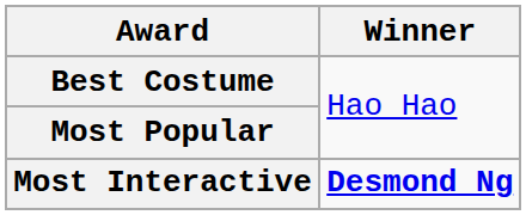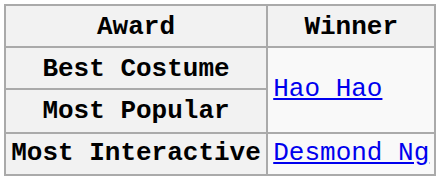 <table class="wikitable">
 <tr>
 <th>Award</th>
 <th>Winner</th>
 </tr>
 <tr>
 <th scope="row">Best Costume</th>
 <td rowspan="2"><a href='#'>Hao Hao</a></td>
 </tr>
 <tr>
 <th scope="row">Most Popular</th>
 </tr>
 <tr>
 <th scope="row">Most Interactive</th>
-<td><strong><a href='#'>Desmond Ng</a></strong></td>
+<td><a href='#'>Desmond Ng</a></td>
 </tr>
 </table>
